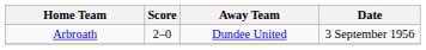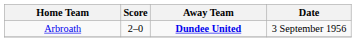 <table class="wikitable" style="text-align:center;">
 <tr>
 <th width=175>Home Team</th>
 <th width=20>Score</th>
 <th width=175>Away Team</th>
 <th width= 125>Date</th>
 </tr>
 <tr>
 <td><a href='#'>Arbroath</a></td>
 <td>2–0</td>
-<td><a href='#'>Dundee United</a></td>
+<td><strong><a href='#'>Dundee United</a></strong></td>
 <td>3 September 1956</td>
 </tr>
 <tr>
 </tr>
 </table>
